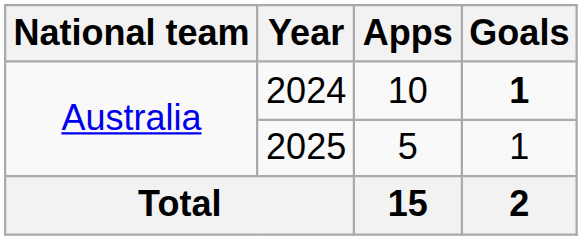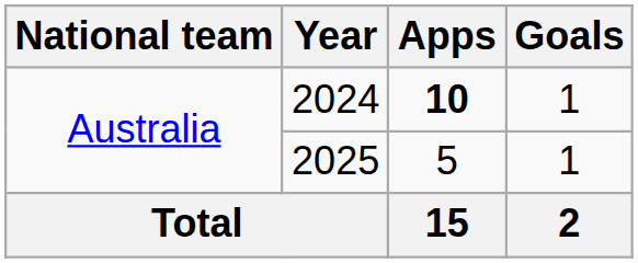 <table class="wikitable" style="text-align:center">
 <tr>
 <th>National team</th>
 <th>Year</th>
 <th>Apps</th>
 <th>Goals</th>
 </tr>
 <tr>
 <td rowspan=2><a href='#'>Australia</a></td>
 <td>2024</td>
-<td>10</td>
-<td><strong>1</strong></td>
+<td><strong>10</strong></td>
+<td>1</td>
 </tr>
 <tr>
 <td>2025</td>
 <td>5</td>
 <td>1</td>
 </tr>
 <tr>
 <th colspan="2">Total</th>
 <th>15</th>
 <th>2</th>
 </tr>
 </table>
